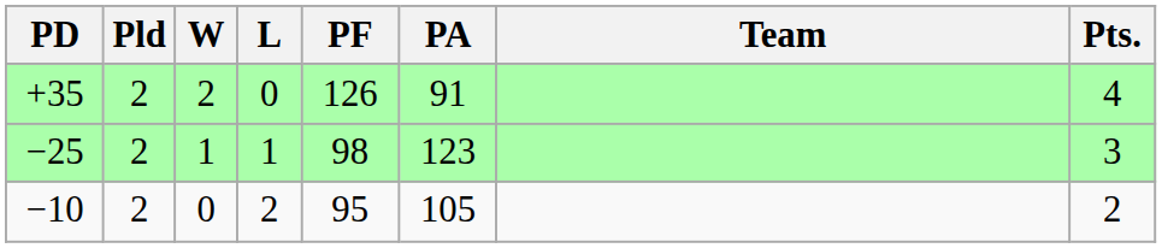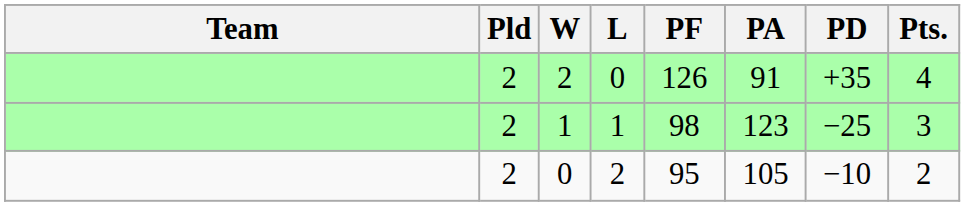 <table class=wikitable style="text-align:center">
 <tr>
-<th width=35>PD</th>
+<th width=240>Team</th>
 <th width=20>Pld</th>
 <th width=20>W</th>
 <th width=20>L</th>
 <th width=35>PF</th>
 <th width=35>PA</th>
-<th width=240>Team</th>
+<th width=35>PD</th>
 <th width=30>Pts.</th>
 </tr>
 <tr bgcolor=#aaffaa>
-<td>+35</td>
+<td align=left></td>
 <td>2</td>
 <td>2</td>
 <td>0</td>
 <td>126</td>
 <td>91</td>
-<td align=left></td>
+<td>+35</td>
 <td>4</td>
 </tr>
 <tr bgcolor=#aaffaa>
-<td>−25</td>
+<td align=left></td>
 <td>2</td>
 <td>1</td>
 <td>1</td>
 <td>98</td>
 <td>123</td>
-<td align=left></td>
+<td>−25</td>
 <td>3</td>
 </tr>
 <tr>
-<td>−10</td>
+<td align=left></td>
 <td>2</td>
 <td>0</td>
 <td>2</td>
 <td>95</td>
 <td>105</td>
-<td align=left></td>
+<td>−10</td>
 <td>2</td>
 </tr>
 </table>
